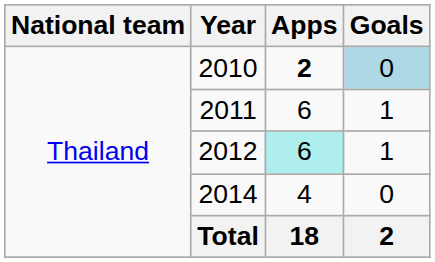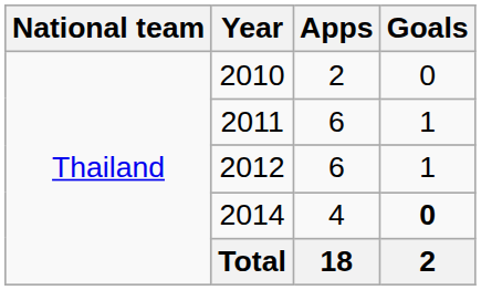 <table class="wikitable" style="text-align:center">
 <tr>
 <th>National team</th>
 <th>Year</th>
 <th>Apps</th>
 <th>Goals</th>
 </tr>
 <tr>
 <td rowspan="5" valign="center"><a href='#'>Thailand</a></td>
 <td>2010</td>
-<td><strong>2</strong></td>
-<td style="background: lightblue;">0</td>
+<td>2</td>
+<td>0</td>
 </tr>
 <tr>
 <td>2011</td>
 <td>6</td>
 <td>1</td>
 </tr>
 <tr>
 <td>2012</td>
-<td style="background: paleturquoise;">6</td>
+<td>6</td>
 <td>1</td>
 </tr>
 <tr>
 <td>2014</td>
 <td>4</td>
-<td>0</td>
+<td><strong>0</strong></td>
 </tr>
 <tr>
 <th>Total</th>
 <th>18</th>
 <th>2</th>
 </tr>
 </table>
